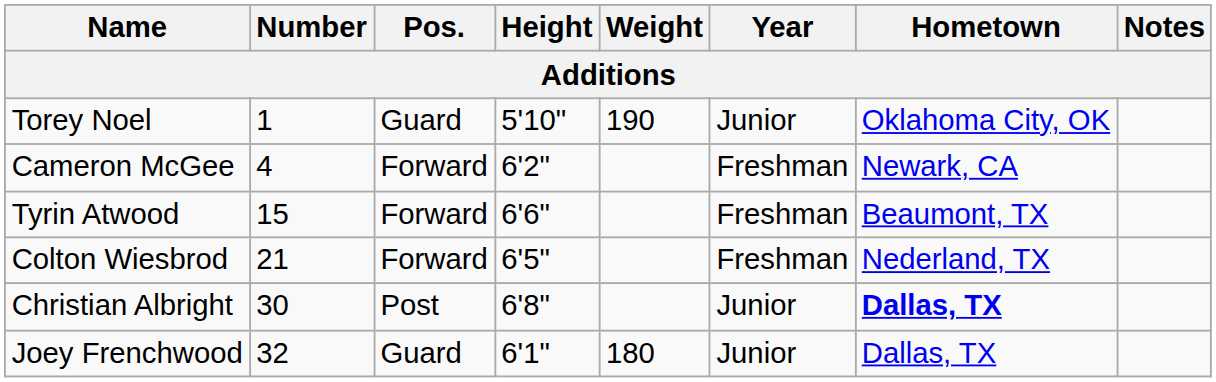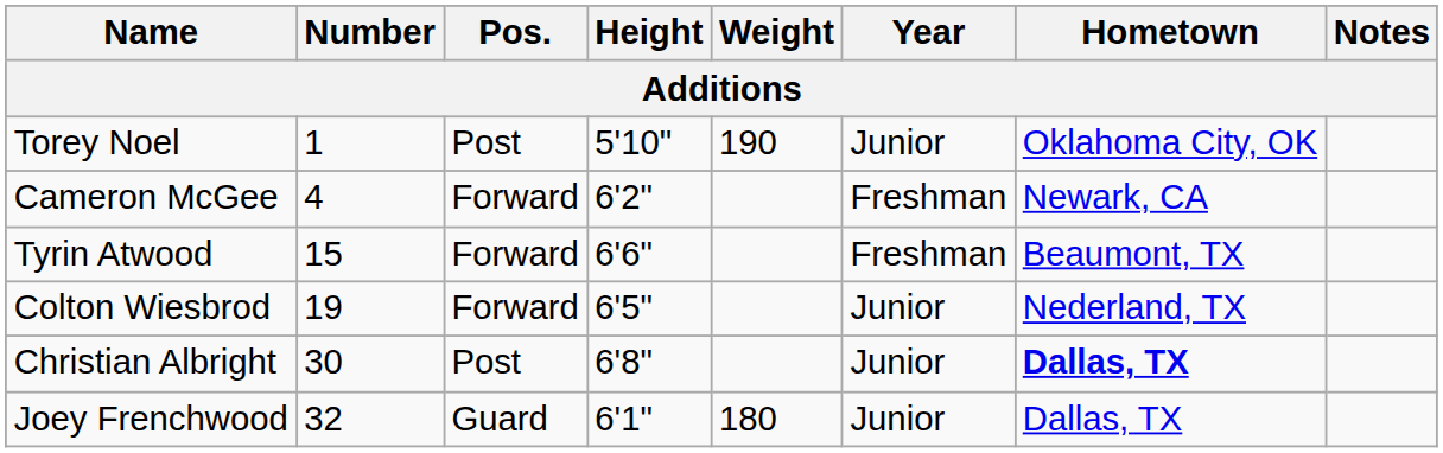 <table class="wikitable sortable" border="1">
 <tr>
 <th>Name</th>
 <th>Number</th>
 <th>Pos.</th>
 <th>Height</th>
 <th>Weight</th>
 <th>Year</th>
 <th>Hometown</th>
 <th class="unsortable">Notes</th>
 </tr>
 <tr>
 <th colspan=9>Additions</th>
 </tr>
 <tr>
 <td sortname>Torey Noel</td>
 <td>1</td>
-<td>Guard</td>
+<td>Post</td>
 <td>5'10"</td>
 <td>190</td>
 <td>Junior</td>
 <td><a href='#'>Oklahoma City, OK</a></td>
 <td></td>
 </tr>
 <tr>
 <td sortname>Cameron McGee</td>
 <td>4</td>
 <td>Forward</td>
 <td>6'2"</td>
 <td></td>
 <td>Freshman</td>
 <td><a href='#'>Newark, CA</a></td>
 <td></td>
 </tr>
 <tr>
 <td sortname>Tyrin Atwood</td>
 <td>15</td>
 <td>Forward</td>
 <td>6'6"</td>
 <td></td>
 <td>Freshman</td>
 <td><a href='#'>Beaumont, TX</a></td>
 <td></td>
 </tr>
 <tr>
 <td sortname>Colton Wiesbrod</td>
-<td>21</td>
+<td>19</td>
 <td>Forward</td>
 <td>6'5"</td>
 <td></td>
-<td>Freshman</td>
+<td>Junior</td>
 <td><a href='#'>Nederland, TX</a></td>
 <td></td>
 </tr>
 <tr>
 <td sortname>Christian Albright</td>
 <td>30</td>
 <td>Post</td>
 <td>6'8"</td>
 <td></td>
 <td>Junior</td>
 <td><strong><a href='#'>Dallas, TX</a></strong></td>
 <td></td>
 </tr>
 <tr>
 <td sortname>Joey Frenchwood</td>
 <td>32</td>
 <td>Guard</td>
 <td>6'1"</td>
 <td>180</td>
 <td>Junior</td>
 <td><a href='#'>Dallas, TX</a></td>
 <td></td>
 </tr>
 </table>
